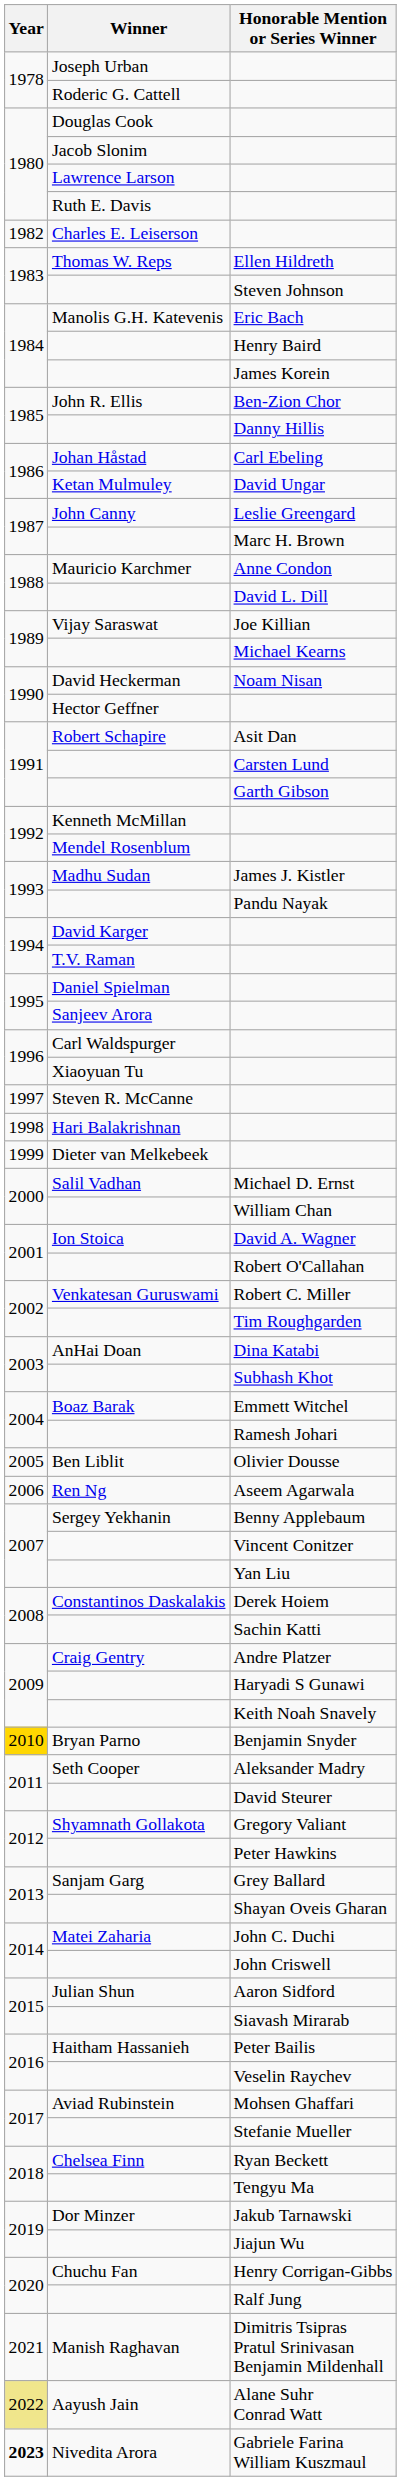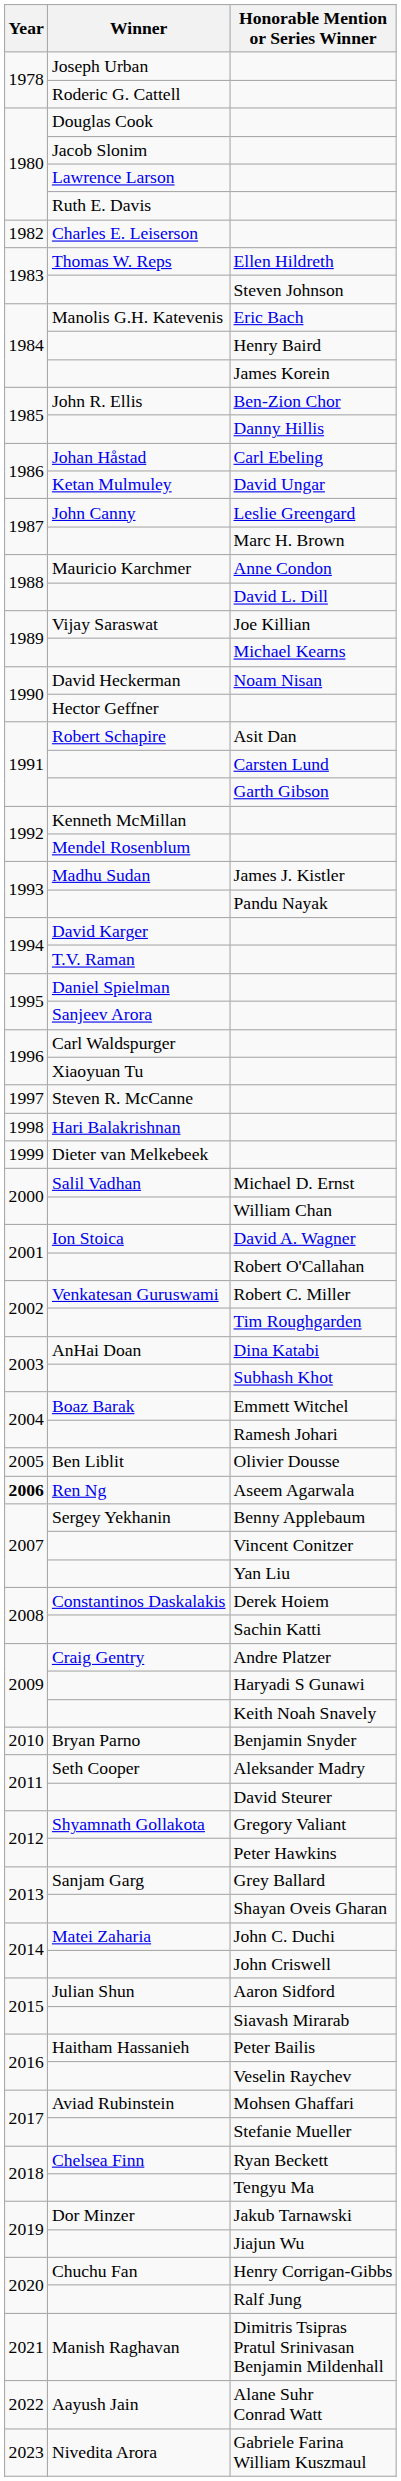 <table class="wikitable sortable">
 <tr>
 <th>Year</th>
 <th>Winner</th>
 <th>Honorable Mention<br>or Series Winner</th>
 </tr>
 <tr>
 <td rowspan="2">1978</td>
 <td>Joseph Urban</td>
 <td></td>
 </tr>
 <tr>
 <td>Roderic G. Cattell</td>
 <td></td>
 </tr>
 <tr>
 <td rowspan="4">1980</td>
 <td>Douglas Cook</td>
 <td></td>
 </tr>
 <tr>
 <td>Jacob Slonim</td>
 <td></td>
 </tr>
 <tr>
 <td><a href='#'>Lawrence Larson</a></td>
 <td></td>
 </tr>
 <tr>
 <td>Ruth E. Davis</td>
 <td></td>
 </tr>
 <tr>
 <td>1982</td>
 <td><a href='#'>Charles E. Leiserson</a></td>
 <td></td>
 </tr>
 <tr>
 <td rowspan="2">1983</td>
 <td><a href='#'>Thomas W. Reps</a></td>
 <td><a href='#'>Ellen Hildreth</a></td>
 </tr>
 <tr>
 <td></td>
 <td>Steven Johnson</td>
 </tr>
 <tr>
 <td rowspan="3">1984</td>
 <td>Manolis G.H. Katevenis</td>
 <td><a href='#'>Eric Bach</a></td>
 </tr>
 <tr>
 <td></td>
 <td>Henry Baird</td>
 </tr>
 <tr>
 <td></td>
 <td>James Korein</td>
 </tr>
 <tr>
 <td rowspan="2">1985</td>
 <td>John R. Ellis</td>
 <td><a href='#'>Ben-Zion Chor</a></td>
 </tr>
 <tr>
 <td></td>
 <td><a href='#'>Danny Hillis</a></td>
 </tr>
 <tr>
 <td rowspan="2">1986</td>
 <td><a href='#'>Johan Håstad</a></td>
 <td><a href='#'>Carl Ebeling</a></td>
 </tr>
 <tr>
 <td><a href='#'>Ketan Mulmuley</a></td>
 <td><a href='#'>David Ungar</a></td>
 </tr>
 <tr>
 <td rowspan="2">1987</td>
 <td><a href='#'>John Canny</a></td>
 <td><a href='#'>Leslie Greengard</a></td>
 </tr>
 <tr>
 <td></td>
 <td>Marc H. Brown</td>
 </tr>
 <tr>
 <td rowspan="2">1988</td>
 <td>Mauricio Karchmer</td>
 <td><a href='#'>Anne Condon</a></td>
 </tr>
 <tr>
 <td></td>
 <td><a href='#'>David L. Dill</a></td>
 </tr>
 <tr>
 <td rowspan="2">1989</td>
 <td>Vijay Saraswat</td>
 <td>Joe Killian</td>
 </tr>
 <tr>
 <td></td>
 <td><a href='#'>Michael Kearns</a></td>
 </tr>
 <tr>
 <td rowspan="2">1990</td>
 <td>David Heckerman</td>
 <td><a href='#'>Noam Nisan</a></td>
 </tr>
 <tr>
 <td>Hector Geffner</td>
 <td></td>
 </tr>
 <tr>
 <td rowspan="3">1991</td>
 <td><a href='#'>Robert Schapire</a></td>
 <td>Asit Dan</td>
 </tr>
 <tr>
 <td></td>
 <td><a href='#'>Carsten Lund</a></td>
 </tr>
 <tr>
 <td></td>
 <td><a href='#'>Garth Gibson</a></td>
 </tr>
 <tr>
 <td rowspan="2">1992</td>
 <td>Kenneth McMillan</td>
 <td></td>
 </tr>
 <tr>
 <td><a href='#'>Mendel Rosenblum</a></td>
 <td></td>
 </tr>
 <tr>
 <td rowspan="2">1993</td>
 <td><a href='#'>Madhu Sudan</a></td>
 <td>James J. Kistler</td>
 </tr>
 <tr>
 <td></td>
 <td>Pandu Nayak</td>
 </tr>
 <tr>
 <td rowspan="2">1994</td>
 <td><a href='#'>David Karger</a></td>
 <td></td>
 </tr>
 <tr>
 <td><a href='#'>T.V. Raman</a></td>
 <td></td>
 </tr>
 <tr>
 <td rowspan="2">1995</td>
 <td><a href='#'>Daniel Spielman</a></td>
 <td></td>
 </tr>
 <tr>
 <td><a href='#'>Sanjeev Arora</a></td>
 <td></td>
 </tr>
 <tr>
 <td rowspan="2">1996</td>
 <td>Carl Waldspurger</td>
 <td></td>
 </tr>
 <tr>
 <td>Xiaoyuan Tu</td>
 <td></td>
 </tr>
 <tr>
 <td>1997</td>
 <td>Steven R. McCanne</td>
 <td></td>
 </tr>
 <tr>
 <td>1998</td>
 <td><a href='#'>Hari Balakrishnan</a></td>
 <td></td>
 </tr>
 <tr>
 <td>1999</td>
 <td>Dieter van Melkebeek</td>
 <td></td>
 </tr>
 <tr>
 <td rowspan="2">2000</td>
 <td><a href='#'>Salil Vadhan</a></td>
 <td>Michael D. Ernst</td>
 </tr>
 <tr>
 <td></td>
 <td>William Chan</td>
 </tr>
 <tr>
 <td rowspan="2">2001</td>
 <td><a href='#'>Ion Stoica</a></td>
 <td><a href='#'>David A. Wagner</a></td>
 </tr>
 <tr>
 <td></td>
 <td>Robert O'Callahan</td>
 </tr>
 <tr>
 <td rowspan="2">2002</td>
 <td><a href='#'>Venkatesan Guruswami</a></td>
 <td>Robert C. Miller</td>
 </tr>
 <tr>
 <td></td>
 <td><a href='#'>Tim Roughgarden</a></td>
 </tr>
 <tr>
 <td rowspan="2">2003</td>
 <td>AnHai Doan</td>
 <td><a href='#'>Dina Katabi</a></td>
 </tr>
 <tr>
 <td></td>
 <td><a href='#'>Subhash Khot</a></td>
 </tr>
 <tr>
 <td rowspan="2">2004</td>
 <td><a href='#'>Boaz Barak</a></td>
 <td>Emmett Witchel</td>
 </tr>
 <tr>
 <td></td>
 <td>Ramesh Johari</td>
 </tr>
 <tr>
 <td>2005</td>
 <td>Ben Liblit</td>
 <td>Olivier Dousse</td>
 </tr>
 <tr>
-<td>2006</td>
+<td><strong>2006</strong></td>
 <td><a href='#'>Ren Ng</a></td>
 <td>Aseem Agarwala</td>
 </tr>
 <tr>
 <td rowspan="3">2007</td>
 <td>Sergey Yekhanin</td>
 <td>Benny Applebaum</td>
 </tr>
 <tr>
 <td></td>
 <td>Vincent Conitzer</td>
 </tr>
 <tr>
 <td></td>
 <td>Yan Liu</td>
 </tr>
 <tr>
 <td rowspan="2">2008</td>
 <td><a href='#'>Constantinos Daskalakis</a></td>
 <td>Derek Hoiem</td>
 </tr>
 <tr>
 <td></td>
 <td>Sachin Katti</td>
 </tr>
 <tr>
 <td rowspan="3">2009</td>
 <td><a href='#'>Craig Gentry</a></td>
 <td>Andre Platzer</td>
 </tr>
 <tr>
 <td></td>
 <td>Haryadi S Gunawi</td>
 </tr>
 <tr>
 <td></td>
 <td>Keith Noah Snavely</td>
 </tr>
 <tr>
-<td style="background: gold;">2010</td>
+<td>2010</td>
 <td>Bryan Parno</td>
 <td>Benjamin Snyder</td>
 </tr>
 <tr>
 <td rowspan="2">2011</td>
 <td>Seth Cooper</td>
 <td>Aleksander Madry</td>
 </tr>
 <tr>
 <td></td>
 <td>David Steurer</td>
 </tr>
 <tr>
 <td rowspan="2">2012</td>
 <td><a href='#'>Shyamnath Gollakota</a></td>
 <td>Gregory Valiant</td>
 </tr>
 <tr>
 <td></td>
 <td>Peter Hawkins</td>
 </tr>
 <tr>
 <td rowspan="2">2013</td>
 <td>Sanjam Garg</td>
 <td>Grey Ballard</td>
 </tr>
 <tr>
 <td></td>
 <td>Shayan Oveis Gharan</td>
 </tr>
 <tr>
 <td rowspan="2">2014</td>
 <td><a href='#'>Matei Zaharia</a></td>
 <td>John C. Duchi</td>
 </tr>
 <tr>
 <td></td>
 <td>John Criswell</td>
 </tr>
 <tr>
 <td rowspan="2">2015</td>
 <td>Julian Shun</td>
 <td>Aaron Sidford</td>
 </tr>
 <tr>
 <td></td>
 <td>Siavash Mirarab</td>
 </tr>
 <tr>
 <td rowspan="2">2016</td>
 <td>Haitham Hassanieh</td>
 <td>Peter Bailis</td>
 </tr>
 <tr>
 <td></td>
 <td>Veselin Raychev</td>
 </tr>
 <tr>
 <td rowspan="2">2017</td>
 <td>Aviad Rubinstein</td>
 <td>Mohsen Ghaffari</td>
 </tr>
 <tr>
 <td></td>
 <td>Stefanie Mueller</td>
 </tr>
 <tr>
 <td rowspan="2">2018</td>
 <td><a href='#'>Chelsea Finn</a></td>
 <td>Ryan Beckett</td>
 </tr>
 <tr>
 <td></td>
 <td>Tengyu Ma</td>
 </tr>
 <tr>
 <td rowspan="2">2019</td>
 <td>Dor Minzer</td>
 <td>Jakub Tarnawski</td>
 </tr>
 <tr>
 <td></td>
 <td>Jiajun Wu</td>
 </tr>
 <tr>
 <td rowspan="2">2020</td>
 <td>Chuchu Fan</td>
 <td>Henry Corrigan-Gibbs</td>
 </tr>
 <tr>
 <td></td>
 <td>Ralf Jung</td>
 </tr>
 <tr>
 <td>2021</td>
 <td>Manish Raghavan</td>
 <td>Dimitris Tsipras<br>Pratul Srinivasan<br>Benjamin Mildenhall</td>
 </tr>
 <tr>
-<td style="background: khaki;">2022</td>
+<td>2022</td>
 <td>Aayush Jain</td>
 <td>Alane Suhr<br>Conrad Watt</td>
 </tr>
 <tr>
-<td><strong>2023</strong></td>
+<td>2023</td>
 <td>Nivedita Arora</td>
 <td>Gabriele Farina<br>William Kuszmaul</td>
 </tr>
 </table>
